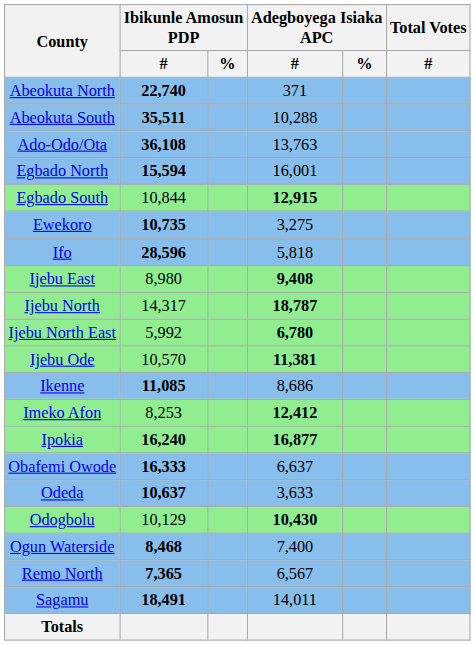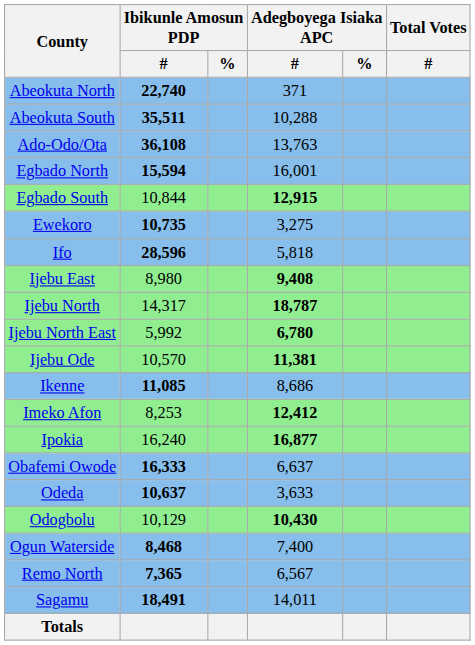 <table class="wikitable sortable" style=" font-size: 95%">
 <tr>
 <th rowspan="2">County</th>
 <th colspan="2">Ibikunle Amosun<br>PDP</th>
 <th colspan="2">Adegboyega Isiaka<br>APC</th>
 <th>Total Votes</th>
 </tr>
 <tr>
 <th>#</th>
 <th>%</th>
 <th>#</th>
 <th>%</th>
 <th>#</th>
 </tr>
 <tr>
 <td bgcolor=#87BEEB align="center"><a href='#'>Abeokuta North</a></td>
 <td bgcolor=#87BEEB align="center"><strong>22,740</strong></td>
 <td bgcolor=#87BEEB align="center"></td>
 <td bgcolor=#87BEEB align="center">371</td>
 <td bgcolor=#87BEEB align="center"></td>
 <td bgcolor=#87BEEB align="center"></td>
 </tr>
 <tr>
 <td bgcolor=#87BEEB align="center"><a href='#'>Abeokuta South</a></td>
 <td bgcolor=#87BEEB align="center"><strong>35,511</strong></td>
 <td bgcolor=#87BEEB align="center"></td>
 <td bgcolor=#87BEEB align="center">10,288</td>
 <td bgcolor=#87BEEB align="center"></td>
 <td bgcolor=#87BEEB align="center"></td>
 </tr>
 <tr>
 <td bgcolor=#87BEEB align="center"><a href='#'>Ado-Odo/Ota</a></td>
 <td bgcolor=#87BEEB align="center"><strong>36,108</strong></td>
 <td bgcolor=#87BEEB align="center"></td>
 <td bgcolor=#87BEEB align="center">13,763</td>
 <td bgcolor=#87BEEB align="center"></td>
 <td bgcolor=#87BEEB align="center"></td>
 </tr>
 <tr>
 <td bgcolor=#87BEEB align="center"><a href='#'>Egbado North</a></td>
 <td bgcolor=#87BEEB align="center"><strong>15,594</strong></td>
 <td bgcolor=#87BEEB align="center"></td>
 <td bgcolor=#87BEEB align="center">16,001</td>
 <td bgcolor=#87BEEB align="center"></td>
 <td bgcolor=#87BEEB align="center"></td>
 </tr>
 <tr>
 <td bgcolor=#90EE90 align="center"><a href='#'>Egbado South</a></td>
 <td bgcolor=#90EE90 align="center">10,844</td>
 <td bgcolor=#90EE90 align="center"></td>
 <td bgcolor=#90EE90 align="center"><strong>12,915</strong></td>
 <td bgcolor=#90EE90 align="center"></td>
 <td bgcolor=#90EE90 align="center"></td>
 </tr>
 <tr>
 <td bgcolor=#87BEEB align="center"><a href='#'>Ewekoro</a></td>
 <td bgcolor=#87BEEB align="center"><strong>10,735</strong></td>
 <td bgcolor=#87BEEB align="center"></td>
 <td bgcolor=#87BEEB align="center">3,275</td>
 <td bgcolor=#87BEEB align="center"></td>
 <td bgcolor=#87BEEB align="center"></td>
 </tr>
 <tr>
 <td bgcolor=#87BEEB align="center"><a href='#'>Ifo</a></td>
 <td bgcolor=#87BEEB align="center"><strong>28,596</strong></td>
 <td bgcolor=#87BEEB align="center"></td>
 <td bgcolor=#87BEEB align="center">5,818</td>
 <td bgcolor=#87BEEB align="center"></td>
 <td bgcolor=#87BEEB align="center"></td>
 </tr>
 <tr>
 <td bgcolor=#90EE90 align="center"><a href='#'>Ijebu East</a></td>
 <td bgcolor=#90EE90 align="center">8,980</td>
 <td bgcolor=#90EE90 align="center"></td>
 <td bgcolor=#90EE90 align="center"><strong>9,408</strong></td>
 <td bgcolor=#90EE90 align="center"></td>
 <td bgcolor=#90EE90 align="center"></td>
 </tr>
 <tr>
 <td bgcolor=#90EE90 align="center"><a href='#'>Ijebu North</a></td>
 <td bgcolor=#90EE90 align="center">14,317</td>
 <td bgcolor=#90EE90 align="center"></td>
 <td bgcolor=#90EE90 align="center"><strong>18,787</strong></td>
 <td bgcolor=#90EE90 align="center"></td>
 <td bgcolor=#90EE90 align="center"></td>
 </tr>
 <tr>
 <td bgcolor=#90EE90 align="center"><a href='#'>Ijebu North East</a></td>
 <td bgcolor=#90EE90 align="center">5,992</td>
 <td bgcolor=#90EE90 align="center"></td>
 <td bgcolor=#90EE90 align="center"><strong>6,780</strong></td>
 <td bgcolor=#90EE90 align="center"></td>
 <td bgcolor=#90EE90 align="center"></td>
 </tr>
 <tr>
 <td bgcolor=#90EE90 align="center"><a href='#'>Ijebu Ode</a></td>
 <td bgcolor=#90EE90 align="center">10,570</td>
 <td bgcolor=#90EE90 align="center"></td>
 <td bgcolor=#90EE90 align="center"><strong>11,381</strong></td>
 <td bgcolor=#90EE90 align="center"></td>
 <td bgcolor=#90EE90 align="center"></td>
 </tr>
 <tr>
 <td bgcolor=#87BEEB align="center"><a href='#'>Ikenne</a></td>
 <td bgcolor=#87BEEB align="center"><strong>11,085</strong></td>
 <td bgcolor=#87BEEB align="center"></td>
 <td bgcolor=#87BEEB align="center">8,686</td>
 <td bgcolor=#87BEEB align="center"></td>
 <td bgcolor=#87BEEB align="center"></td>
 </tr>
 <tr>
 <td bgcolor=#90EE90 align="center"><a href='#'>Imeko Afon</a></td>
 <td bgcolor=#90EE90 align="center">8,253</td>
 <td bgcolor=#90EE90 align="center"></td>
 <td bgcolor=#90EE90 align="center"><strong>12,412</strong></td>
 <td bgcolor=#90EE90 align="center"></td>
 <td bgcolor=#90EE90 align="center"></td>
 </tr>
 <tr>
 <td bgcolor=#90EE90 align="center"><a href='#'>Ipokia</a></td>
-<td bgcolor=#90EE90 align="center"><strong>16,240</strong></td>
+<td bgcolor=#90EE90 align="center">16,240</td>
 <td bgcolor=#90EE90 align="center"></td>
 <td bgcolor=#90EE90 align="center"><strong>16,877</strong></td>
 <td bgcolor=#90EE90 align="center"></td>
 <td bgcolor=#90EE90 align="center"></td>
 </tr>
 <tr>
 <td bgcolor=#87BEEB align="center"><a href='#'>Obafemi Owode</a></td>
 <td bgcolor=#87BEEB align="center"><strong>16,333</strong></td>
 <td bgcolor=#87BEEB align="center"></td>
 <td bgcolor=#87BEEB align="center">6,637</td>
 <td bgcolor=#87BEEB align="center"></td>
 <td bgcolor=#87BEEB align="center"></td>
 </tr>
 <tr>
 <td bgcolor=#87BEEB align="center"><a href='#'>Odeda</a></td>
 <td bgcolor=#87BEEB align="center"><strong>10,637</strong></td>
 <td bgcolor=#87BEEB align="center"></td>
 <td bgcolor=#87BEEB align="center">3,633</td>
 <td bgcolor=#87BEEB align="center"></td>
 <td bgcolor=#87BEEB align="center"></td>
 </tr>
 <tr>
 <td bgcolor=#90EE90 align="center"><a href='#'>Odogbolu</a></td>
 <td bgcolor=#90EE90 align="center">10,129</td>
 <td bgcolor=#90EE90 align="center"></td>
 <td bgcolor=#90EE90 align="center"><strong>10,430</strong></td>
 <td bgcolor=#90EE90 align="center"></td>
 <td bgcolor=#90EE90 align="center"></td>
 </tr>
 <tr>
 <td bgcolor=#87BEEB align="center"><a href='#'>Ogun Waterside</a></td>
 <td bgcolor=#87BEEB align="center"><strong>8,468</strong></td>
 <td bgcolor=#87BEEB align="center"></td>
 <td bgcolor=#87BEEB align="center">7,400</td>
 <td bgcolor=#87BEEB align="center"></td>
 <td bgcolor=#87BEEB align="center"></td>
 </tr>
 <tr>
 <td bgcolor=#87BEEB align="center"><a href='#'>Remo North</a></td>
 <td bgcolor=#87BEEB align="center"><strong>7,365</strong></td>
 <td bgcolor=#87BEEB align="center"></td>
 <td bgcolor=#87BEEB align="center">6,567</td>
 <td bgcolor=#87BEEB align="center"></td>
 <td bgcolor=#87BEEB align="center"></td>
 </tr>
 <tr>
 <td bgcolor=#87BEEB align="center"><a href='#'>Sagamu</a></td>
 <td bgcolor=#87BEEB align="center"><strong>18,491</strong></td>
 <td bgcolor=#87BEEB align="center"></td>
 <td bgcolor=#87BEEB align="center">14,011</td>
 <td bgcolor=#87BEEB align="center"></td>
 <td bgcolor=#87BEEB align="center"></td>
 </tr>
 <tr>
 <th>Totals</th>
 <th></th>
 <th></th>
 <th></th>
 <th></th>
 <th></th>
 </tr>
 </table>
